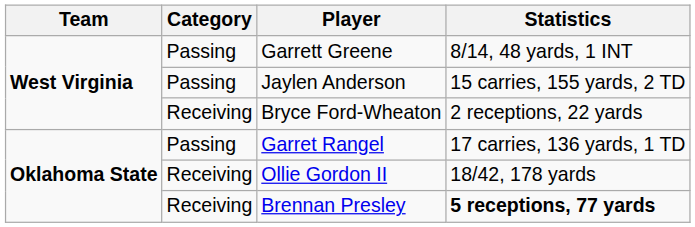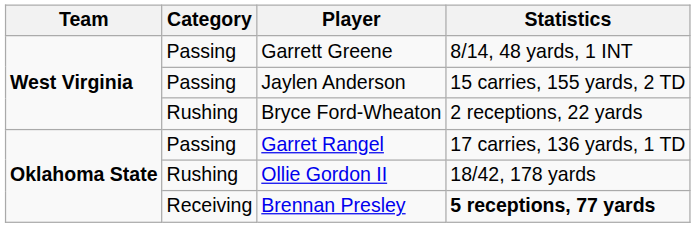 <table class="wikitable" style="float: right;">
 <tr>
 <th>Team</th>
 <th>Category</th>
 <th>Player</th>
 <th>Statistics</th>
 </tr>
 <tr>
 <td rowspan=3><strong>West Virginia</strong></td>
 <td>Passing</td>
 <td>Garrett Greene</td>
 <td>8/14, 48 yards, 1 INT</td>
 </tr>
 <tr>
 <td>Passing</td>
 <td>Jaylen Anderson</td>
 <td>15 carries, 155 yards, 2 TD</td>
 </tr>
 <tr>
-<td>Receiving</td>
+<td>Rushing</td>
 <td>Bryce Ford-Wheaton</td>
 <td>2 receptions, 22 yards</td>
 </tr>
 <tr>
 <td rowspan=3><strong>Oklahoma State</strong></td>
 <td>Passing</td>
 <td><a href='#'>Garret Rangel</a></td>
 <td>17 carries, 136 yards, 1 TD</td>
 </tr>
 <tr>
-<td>Receiving</td>
+<td>Rushing</td>
 <td><a href='#'>Ollie Gordon II</a></td>
 <td>18/42, 178 yards</td>
 </tr>
 <tr>
 <td>Receiving</td>
 <td><a href='#'>Brennan Presley</a></td>
 <td><strong>5 receptions, 77 yards</strong></td>
 </tr>
 </table>
